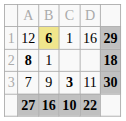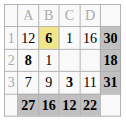 <table class="wikitable" style="text-align:center;">
 <tr style="color: #aaaaaa;">
 <td></td>
 <td>A</td>
 <td>B</td>
 <td>C</td>
 <td>D</td>
 </tr>
 <tr>
 <td style="color: #aaaaaa;">1</td>
 <td>12</td>
 <td style="background: khaki;"><strong>6</strong></td>
 <td>1</td>
 <td>16</td>
-<td style="background:silver"><strong>29</strong></td>
+<td style="background:silver"><strong>30</strong></td>
 </tr>
 <tr>
 <td style="color: #aaaaaa;">2</td>
 <td><strong>8</strong></td>
 <td>1</td>
 <td></td>
 <td></td>
 <td style="background:silver"><strong>18</strong></td>
 </tr>
 <tr>
 <td style="color: #aaaaaa;">3</td>
 <td>7</td>
 <td>9</td>
 <td><strong>3</strong></td>
 <td>11</td>
-<td style="background:silver"><strong>30</strong></td>
+<td style="background:silver"><strong>31</strong></td>
 </tr>
 <tr>
 <td style="color: #aaaaaa;"></td>
 <td style="background:silver"><strong>27</strong></td>
 <td style="background:silver"><strong>16</strong></td>
-<td style="background:silver"><strong>10</strong></td>
+<td style="background:silver"><strong>12</strong></td>
 <td style="background:silver"><strong>22</strong></td>
 <td></td>
 </tr>
 </table>
